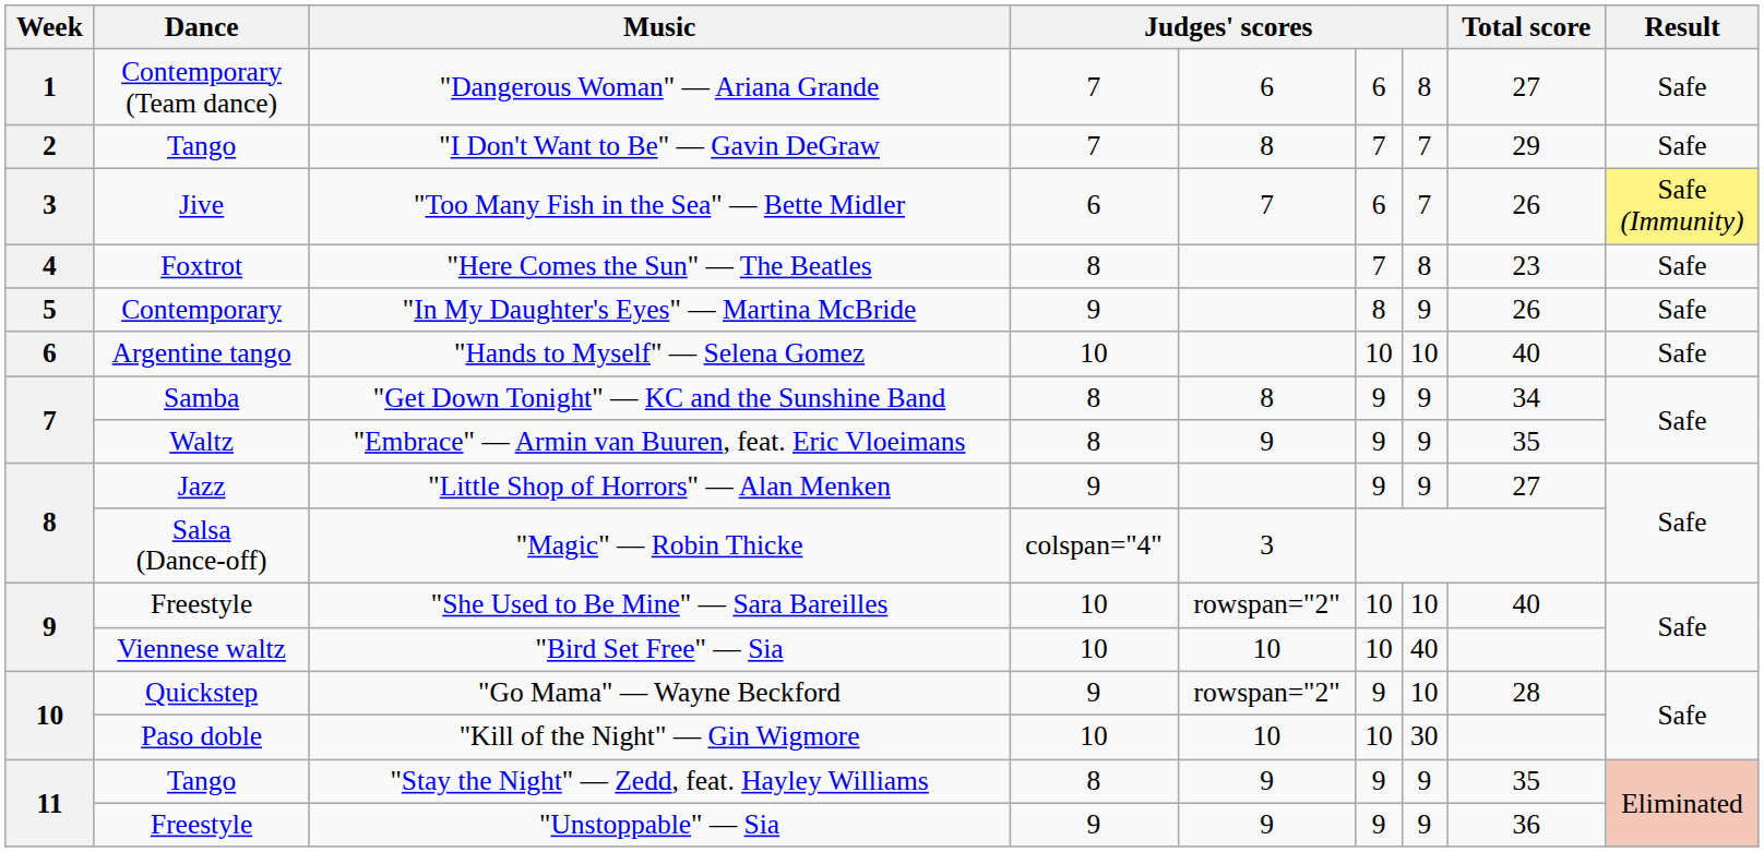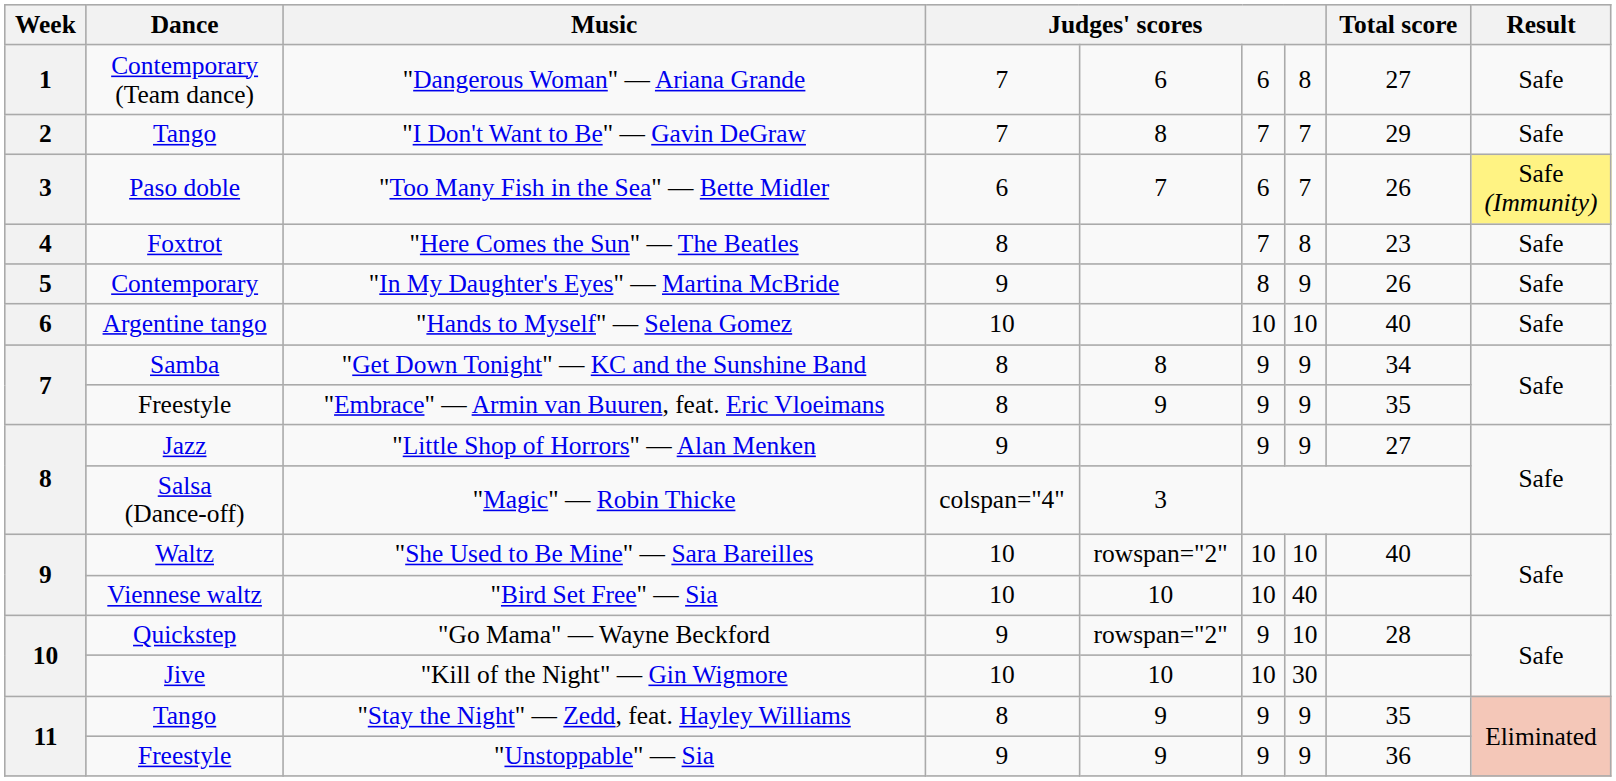 <table class="wikitable unsortable" style="text-align:center; width:80%">
 <tr>
 <th scope="col">Week</th>
 <th scope="col">Dance</th>
 <th scope="col">Music</th>
 <th scope="col" colspan="4">Judges' scores</th>
 <th scope="col">Total score</th>
 <th scope="col">Result</th>
 </tr>
 <tr>
 <th scope="row">1</th>
 <td><a href='#'>Contemporary</a><br>(Team dance)</td>
 <td>"<a href='#'>Dangerous Woman</a>" — <a href='#'>Ariana Grande</a></td>
 <td>7</td>
 <td>6</td>
 <td>6</td>
 <td>8</td>
 <td>27</td>
 <td>Safe</td>
 </tr>
 <tr>
 <th scope="row">2</th>
 <td><a href='#'>Tango</a></td>
 <td>"<a href='#'>I Don't Want to Be</a>" — <a href='#'>Gavin DeGraw</a></td>
 <td>7</td>
 <td>8</td>
 <td>7</td>
 <td>7</td>
 <td>29</td>
 <td>Safe</td>
 </tr>
 <tr>
 <th scope="row">3</th>
-<td><a href='#'>Jive</a></td>
+<td><a href='#'>Paso doble</a></td>
 <td>"<a href='#'>Too Many Fish in the Sea</a>" — <a href='#'>Bette Midler</a></td>
 <td>6</td>
 <td>7</td>
 <td>6</td>
 <td>7</td>
 <td>26</td>
 <td bgcolor="fff383">Safe<br><em>(Immunity)</em></td>
 </tr>
 <tr>
 <th scope="row">4</th>
 <td><a href='#'>Foxtrot</a></td>
 <td>"<a href='#'>Here Comes the Sun</a>" — <a href='#'>The Beatles</a></td>
 <td>8</td>
 <td></td>
 <td>7</td>
 <td>8</td>
 <td>23</td>
 <td>Safe</td>
 </tr>
 <tr>
 <th scope="row">5</th>
 <td><a href='#'>Contemporary</a></td>
 <td>"<a href='#'>In My Daughter's Eyes</a>" — <a href='#'>Martina McBride</a></td>
 <td>9</td>
 <td></td>
 <td>8</td>
 <td>9</td>
 <td>26</td>
 <td>Safe</td>
 </tr>
 <tr>
 <th scope="row">6</th>
 <td><a href='#'>Argentine tango</a></td>
 <td>"<a href='#'>Hands to Myself</a>" — <a href='#'>Selena Gomez</a></td>
 <td>10</td>
 <td></td>
 <td>10</td>
 <td>10</td>
 <td>40</td>
 <td>Safe</td>
 </tr>
 <tr>
 <th rowspan="2" scope="row">7</th>
 <td><a href='#'>Samba</a></td>
 <td>"<a href='#'>Get Down Tonight</a>" — <a href='#'>KC and the Sunshine Band</a></td>
 <td>8</td>
 <td>8</td>
 <td>9</td>
 <td>9</td>
 <td>34</td>
 <td rowspan="2">Safe</td>
 </tr>
 <tr>
-<td><a href='#'>Waltz</a></td>
+<td>Freestyle<br></td>
 <td>"<a href='#'>Embrace</a>" — <a href='#'>Armin van Buuren</a>, feat. <a href='#'>Eric Vloeimans</a></td>
 <td>8</td>
 <td>9</td>
 <td>9</td>
 <td>9</td>
 <td>35</td>
 </tr>
 <tr>
 <th rowspan="2" scope="row">8</th>
 <td><a href='#'>Jazz</a></td>
 <td>"<a href='#'>Little Shop of Horrors</a>" — <a href='#'>Alan Menken</a></td>
 <td>9</td>
 <td></td>
 <td>9</td>
 <td>9</td>
 <td>27</td>
 <td rowspan="2">Safe</td>
 </tr>
 <tr>
 <td><a href='#'>Salsa</a><br>(Dance-off)</td>
 <td>"<a href='#'>Magic</a>" — <a href='#'>Robin Thicke</a></td>
 <td>colspan="4" </td>
 <td>3</td>
 </tr>
 <tr>
 <th rowspan="2" scope="row">9</th>
-<td>Freestyle<br></td>
+<td><a href='#'>Waltz</a></td>
 <td>"<a href='#'>She Used to Be Mine</a>" — <a href='#'>Sara Bareilles</a></td>
 <td>10</td>
 <td>rowspan="2" </td>
 <td>10</td>
 <td>10</td>
 <td>40</td>
 <td rowspan="2">Safe</td>
 </tr>
 <tr>
 <td><a href='#'>Viennese waltz</a></td>
 <td>"<a href='#'>Bird Set Free</a>" — <a href='#'>Sia</a></td>
 <td>10</td>
 <td>10</td>
 <td>10</td>
 <td>40</td>
 </tr>
 <tr>
 <th rowspan="2" scope="row">10<br></th>
 <td><a href='#'>Quickstep</a></td>
 <td>"Go Mama" — Wayne Beckford</td>
 <td>9</td>
 <td>rowspan="2" </td>
 <td>9</td>
 <td>10</td>
 <td>28</td>
 <td rowspan="2">Safe</td>
 </tr>
 <tr>
-<td><a href='#'>Paso doble</a></td>
+<td><a href='#'>Jive</a></td>
 <td>"Kill of the Night" — <a href='#'>Gin Wigmore</a></td>
 <td>10</td>
 <td>10</td>
 <td>10</td>
 <td>30</td>
 </tr>
 <tr>
 <th rowspan="2" scope="row">11<br></th>
 <td><a href='#'>Tango</a></td>
 <td>"<a href='#'>Stay the Night</a>" — <a href='#'>Zedd</a>, feat. <a href='#'>Hayley Williams</a></td>
 <td>8</td>
 <td>9</td>
 <td>9</td>
 <td>9</td>
 <td>35</td>
 <td rowspan="2" bgcolor="f4c7b8">Eliminated</td>
 </tr>
 <tr>
 <td><a href='#'>Freestyle</a></td>
 <td>"<a href='#'>Unstoppable</a>" — <a href='#'>Sia</a></td>
 <td>9</td>
 <td>9</td>
 <td>9</td>
 <td>9</td>
 <td>36</td>
 </tr>
 </table>
